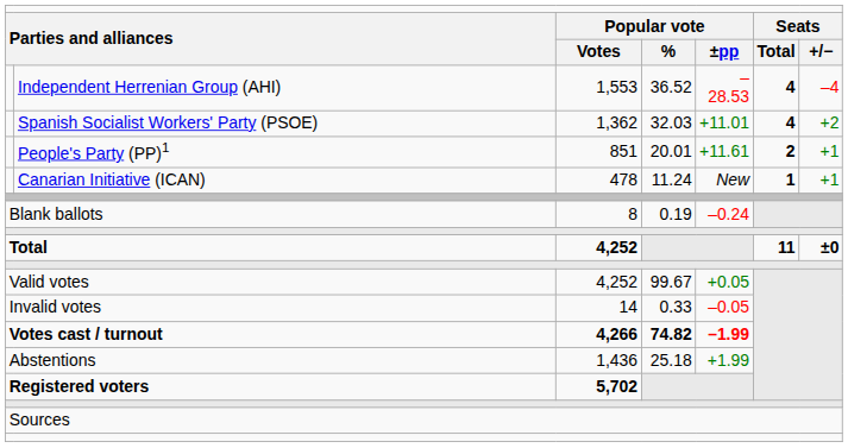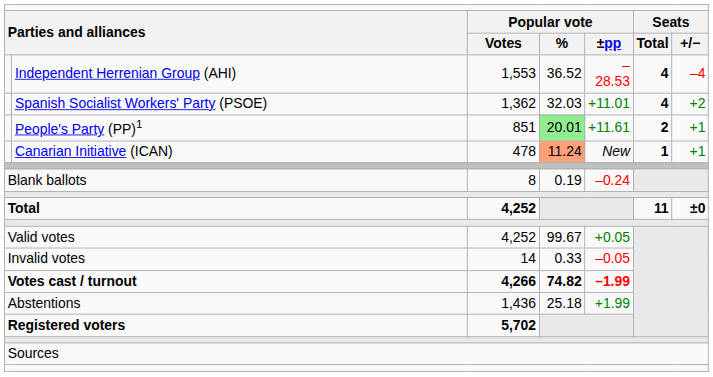 <table class="wikitable" style="text-align:right;">
 <tr>
 <td colspan="7"></td>
 </tr>
 <tr>
 <th style="text-align:left;" rowspan="2" colspan="2" width="525">Parties and alliances</th>
 <th colspan="3">Popular vote</th>
 <th colspan="2">Seats</th>
 </tr>
 <tr>
 <th width="75">Votes</th>
 <th width="45">%</th>
 <th width="45">±<a href='#'>pp</a></th>
 <th width="35">Total</th>
 <th width="35">+/−</th>
 </tr>
 <tr>
 <td width="1" style="color:inherit;background:"></td>
 <td align="left"><a href='#'>Independent Herrenian Group</a> (AHI)</td>
 <td>1,553</td>
 <td>36.52</td>
 <td style="color:red;">–28.53</td>
 <td><strong>4</strong></td>
 <td style="color:red;">–4</td>
 </tr>
 <tr>
 <td style="color:inherit;background:"></td>
 <td align="left"><a href='#'>Spanish Socialist Workers' Party</a> (PSOE)</td>
 <td>1,362</td>
 <td>32.03</td>
 <td style="color:green;">+11.01</td>
 <td><strong>4</strong></td>
 <td style="color:green;">+2</td>
 </tr>
 <tr>
 <td style="color:inherit;background:"></td>
 <td align="left"><a href='#'>People's Party</a> (PP)<sup>1</sup></td>
 <td>851</td>
-<td>20.01</td>
+<td style="background: lightgreen;">20.01</td>
 <td style="color:green;">+11.61</td>
 <td><strong>2</strong></td>
 <td style="color:green;">+1</td>
 </tr>
 <tr>
 <td style="color:inherit;background:"></td>
 <td align="left"><a href='#'>Canarian Initiative</a> (ICAN)</td>
 <td>478</td>
-<td>11.24</td>
+<td style="background: lightsalmon;">11.24</td>
 <td><em>New</em></td>
 <td><strong>1</strong></td>
 <td style="color:green;">+1</td>
 </tr>
 <tr>
 <td colspan="7" bgcolor="#C0C0C0"></td>
 </tr>
 <tr>
 <td align="left" colspan="2">Blank ballots</td>
 <td>8</td>
 <td>0.19</td>
 <td style="color:red;">–0.24</td>
 <td bgcolor="#E9E9E9" colspan="2"></td>
 </tr>
 <tr>
 <td colspan="7" bgcolor="#E9E9E9"></td>
 </tr>
 <tr style="font-weight:bold;">
 <td align="left" colspan="2">Total</td>
 <td>4,252</td>
 <td bgcolor="#E9E9E9" colspan="2"></td>
 <td>11</td>
 <td>±0</td>
 </tr>
 <tr>
 <td colspan="7" bgcolor="#E9E9E9"></td>
 </tr>
 <tr>
 <td align="left" colspan="2">Valid votes</td>
 <td>4,252</td>
 <td>99.67</td>
 <td style="color:green;">+0.05</td>
 <td bgcolor="#E9E9E9" colspan="2" rowspan="5"></td>
 </tr>
 <tr>
 <td align="left" colspan="2">Invalid votes</td>
 <td>14</td>
 <td>0.33</td>
 <td style="color:red;">–0.05</td>
 </tr>
 <tr style="font-weight:bold;">
 <td align="left" colspan="2">Votes cast / turnout</td>
 <td>4,266</td>
 <td>74.82</td>
 <td style="color:red;">–1.99</td>
 </tr>
 <tr>
 <td align="left" colspan="2">Abstentions</td>
 <td>1,436</td>
 <td>25.18</td>
 <td style="color:green;">+1.99</td>
 </tr>
 <tr style="font-weight:bold;">
 <td align="left" colspan="2">Registered voters</td>
 <td>5,702</td>
 <td bgcolor="#E9E9E9" colspan="2"></td>
 </tr>
 <tr>
 <td colspan="7" bgcolor="#E9E9E9"></td>
 </tr>
 <tr>
 <td align="left" colspan="7">Sources</td>
 </tr>
 <tr>
 <td colspan="7" style="text-align:left; max-width:790px;"></td>
 </tr>
 </table>
